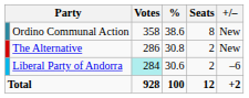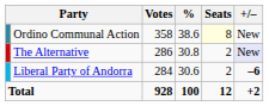 <table class="wikitable">
 <tr>
 <th colspan="2">Party</th>
 <th>Votes</th>
 <th>%</th>
 <th>Seats</th>
 <th>+/–</th>
 </tr>
 <tr>
 <td bgcolor="#2c89a0"></td>
 <td>Ordino Communal Action</td>
 <td style="text-align: right;">358</td>
 <td style="text-align: right;">38.6</td>
-<td style="text-align: right;">8</td>
+<td style="background: lightyellow; text-align: right;">8</td>
 <td style="text-align: right;">New</td>
 </tr>
 <tr>
 <td bgcolor="#d40000"></td>
 <td><a href='#'>The Alternative</a></td>
 <td style="text-align: right;">286</td>
 <td style="text-align: right;">30.8</td>
 <td style="text-align: right;">2</td>
-<td style="text-align: right;">New</td>
+<td style="background: lavender; text-align: right;">New</td>
 </tr>
 <tr>
 <td bgcolor="#00B7EB"></td>
 <td><a href='#'>Liberal Party of Andorra</a></td>
-<td style="background: paleturquoise; text-align: right;">284</td>
+<td style="text-align: right;">284</td>
 <td style="text-align: right;">30.6</td>
 <td style="text-align: right;">2</td>
-<td style="text-align: right;">–6</td>
+<td style="text-align: right;"><strong>–6</strong></td>
 </tr>
 <tr>
 <td colspan="2" style="font-weight: bold;">Total</td>
 <td style="text-align: right; font-weight: bold;">928</td>
 <td style="text-align: right; font-weight: bold;">100</td>
 <td style="text-align: right; font-weight: bold;">12</td>
 <td style="text-align: right;"><strong>+2</strong></td>
 </tr>
 </table>
